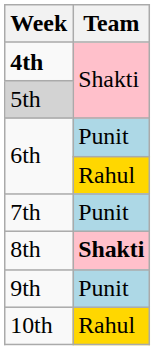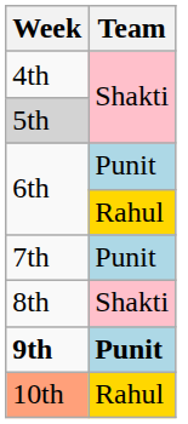 <table class="wikitable">
 <tr>
 <th>Week</th>
 <th>Team</th>
 </tr>
 <tr>
-<td><strong>4th</strong></td>
+<td>4th</td>
 <td Rowspan=2 bgcolor=pink>Shakti</td>
 </tr>
 <tr>
 <td style="background: lightgrey;">5th</td>
 </tr>
 <tr>
 <td Rowspan=2>6th</td>
 <td Bgcolor=lightblue>Punit</td>
 </tr>
 <tr>
 <td Bgcolor=gold>Rahul</td>
 </tr>
 <tr>
 <td>7th</td>
 <td Bgcolor=lightblue>Punit</td>
 </tr>
 <tr>
 <td>8th</td>
-<td Bgcolor=pink><strong>Shakti</strong></td>
+<td Bgcolor=pink>Shakti</td>
 </tr>
 <tr>
-<td>9th</td>
-<td Bgcolor=lightblue>Punit</td>
+<td><strong>9th</strong></td>
+<td Bgcolor=lightblue><strong>Punit</strong></td>
 </tr>
 <tr>
-<td>10th</td>
+<td style="background: lightsalmon;">10th</td>
 <td Bgcolor=gold>Rahul</td>
 </tr>
 </table>
